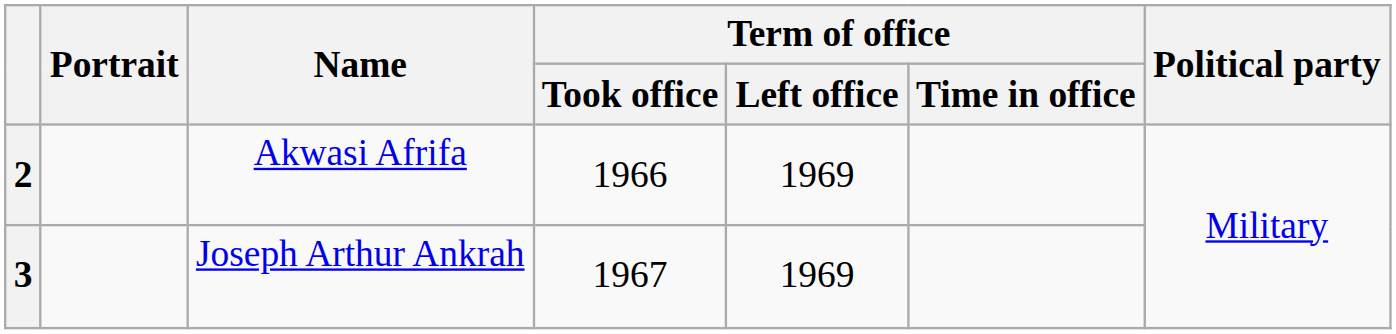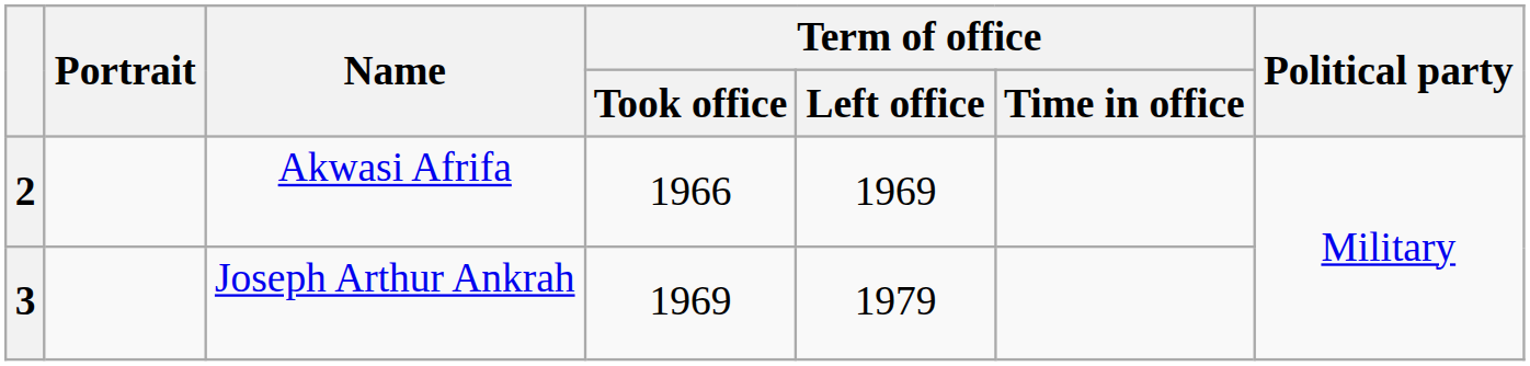 <table class="wikitable" style="text-align:center">
 <tr>
 <th rowspan="2"></th>
 <th rowspan="2">Portrait</th>
 <th rowspan="2">Name<br></th>
 <th colspan="3">Term of office</th>
 <th rowspan="2">Political party</th>
 </tr>
 <tr>
 <th>Took office</th>
 <th>Left office</th>
 <th>Time in office</th>
 </tr>
 <tr>
 <th style="background:">2</th>
 <td></td>
 <td><a href='#'> Akwasi Afrifa</a><br><br></td>
 <td> 1966</td>
 <td> 1969<br></td>
 <td></td>
 <td rowspan="2"><a href='#'>Military</a></td>
 </tr>
 <tr>
 <th style="background:">3</th>
 <td></td>
 <td><a href='#'> Joseph Arthur Ankrah</a><br><br></td>
-<td> 1967</td>
 <td> 1969</td>
+<td> 1979</td>
 <td></td>
 </tr>
 </table>
